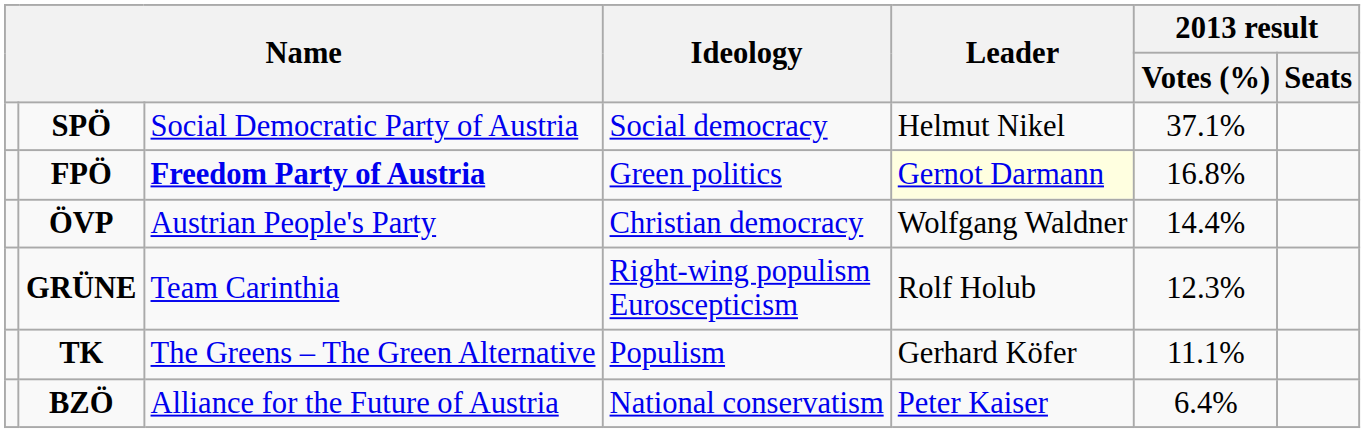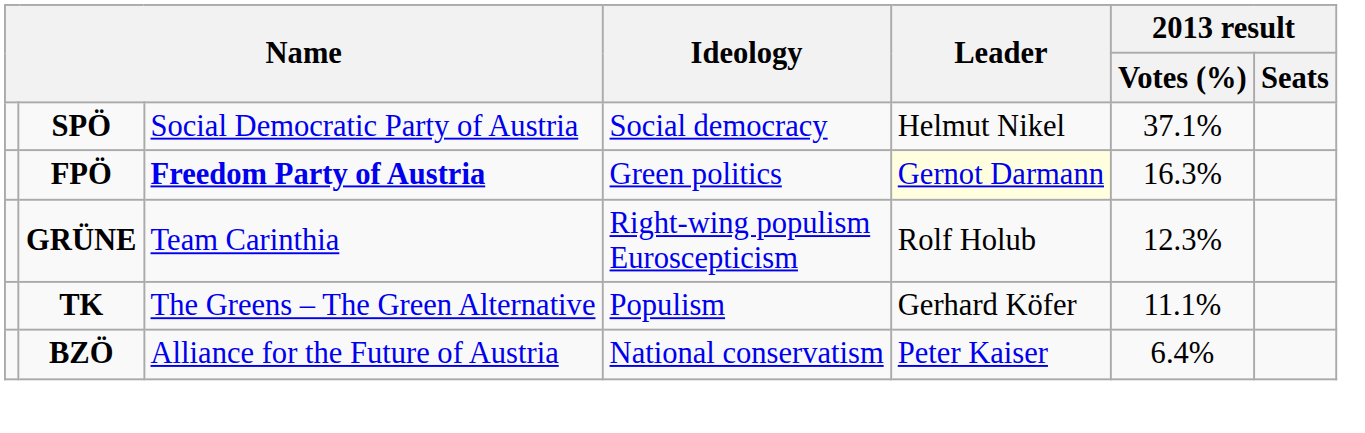 <table class="wikitable">
 <tr>
 <th rowspan="2" colspan="3">Name</th>
 <th rowspan="2">Ideology</th>
 <th rowspan="2">Leader</th>
 <th colspan="2">2013 result</th>
 </tr>
 <tr>
 <th>Votes (%)</th>
 <th>Seats</th>
 </tr>
 <tr>
 <td style="background:"></td>
 <td style="text-align:center;"><strong>SPÖ</strong></td>
 <td><a href='#'>Social Democratic Party of Austria</a><br></td>
 <td><a href='#'>Social democracy</a></td>
 <td>Helmut Nikel</td>
 <td style="text-align:center;">37.1%</td>
 <td></td>
 </tr>
 <tr>
 <td style="background:"></td>
 <td style="text-align:center;"><strong>FPÖ</strong></td>
 <td><strong><a href='#'>Freedom Party of Austria</a><br></strong></td>
 <td><a href='#'>Green politics</a></td>
 <td style="background: lightyellow;"><a href='#'>Gernot Darmann</a></td>
-<td style="text-align:center;">16.8%</td>
-<td></td>
-</tr>
-<tr>
-<td style="background:"></td>
-<td style="text-align:center;"><strong>ÖVP</strong></td>
-<td><a href='#'>Austrian People's Party</a><br></td>
-<td><a href='#'>Christian democracy</a></td>
-<td>Wolfgang Waldner</td>
-<td style="text-align:center;">14.4%</td>
+<td style="text-align:center;">16.3%</td>
 <td></td>
 </tr>
 <tr>
 <td style="background:"></td>
 <td style="text-align:center;"><strong>GRÜNE</strong></td>
 <td><a href='#'>Team Carinthia</a><br></td>
 <td><a href='#'>Right-wing populism</a><br><a href='#'>Euroscepticism</a></td>
 <td>Rolf Holub</td>
 <td style="text-align:center;">12.3%</td>
 <td></td>
 </tr>
 <tr>
 <td style="background:"></td>
 <td style="text-align:center;"><strong>TK</strong></td>
 <td><a href='#'>The Greens – The Green Alternative</a><br></td>
 <td><a href='#'>Populism</a></td>
 <td>Gerhard Köfer</td>
 <td style="text-align:center;">11.1%</td>
 <td></td>
 </tr>
 <tr>
 <td style="background:"></td>
 <td style="text-align:center;"><strong>BZÖ</strong></td>
 <td><a href='#'>Alliance for the Future of Austria</a><br></td>
 <td><a href='#'>National conservatism</a></td>
 <td><a href='#'>Peter Kaiser</a></td>
 <td style="text-align:center;">6.4%</td>
 <td></td>
 </tr>
 </table>
